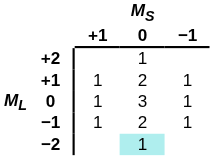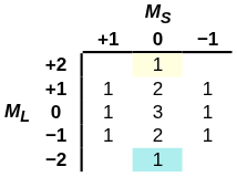 <table cellspacing="0">
 <tr>
 <td colspan="2"> </td>
 <th colspan="3" align="center"><em>M<sub>S</sub></em></th>
 </tr>
 <tr>
 <th colspan="2"> </th>
 <th align="center" width="40px" style="border-bottom: 2px solid windowtext">+1</th>
 <th align="center" width="40px" style="border-bottom: 2px solid windowtext">0</th>
 <th align="center" width="40px" style="border-bottom: 2px solid windowtext">−1</th>
 </tr>
 <tr>
 <th rowspan="5" valign="center"><em>M<sub>L</sub></em></th>
 <th align="center" width="40px" style="border-right: 2px solid windowtext">+2</th>
 <td></td>
-<td align="center">1</td>
+<td align="center" style="background: lightyellow;">1</td>
 <td></td>
 </tr>
 <tr>
 <th align="center" style="border-right: 2px solid windowtext">+1</th>
 <td align="center">1</td>
 <td align="center">2</td>
 <td align="center">1</td>
 </tr>
 <tr>
 <th align="center" style="border-right: 2px solid windowtext">0</th>
 <td align="center">1</td>
 <td align="center">3</td>
 <td align="center">1</td>
 </tr>
 <tr>
 <th align="center" style="border-right: 2px solid windowtext">−1</th>
 <td align="center">1</td>
 <td align="center">2</td>
 <td align="center">1</td>
 </tr>
 <tr>
 <th align="center" style="border-right: 2px solid windowtext">−2</th>
 <td align="center"></td>
 <td align="center" style="background: paleturquoise;">1</td>
 <td align="center"></td>
 </tr>
 </table>
